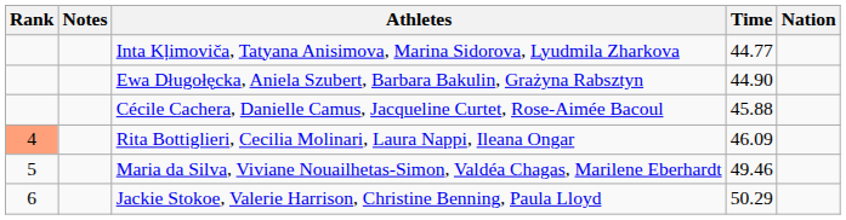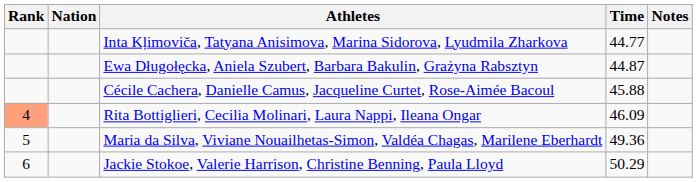 <table class="wikitable sortable" style="text-align:center">
 <tr>
 <th>Rank</th>
-<th>Notes</th>
+<th>Nation</th>
 <th>Athletes</th>
 <th>Time</th>
-<th>Nation</th>
+<th>Notes</th>
 </tr>
 <tr>
 <td></td>
-<td></td>
+<td align=left></td>
 <td align=left><a href='#'>Inta Kļimoviča</a>, <a href='#'>Tatyana Anisimova</a>, <a href='#'>Marina Sidorova</a>, <a href='#'>Lyudmila Zharkova</a></td>
 <td>44.77</td>
-<td align=left></td>
+<td></td>
 </tr>
 <tr>
 <td></td>
+<td align=left></td>
+<td align=left><a href='#'>Ewa Długołęcka</a>, <a href='#'>Aniela Szubert</a>, <a href='#'>Barbara Bakulin</a>, <a href='#'>Grażyna Rabsztyn</a></td>
+<td>44.87</td>
 <td></td>
-<td align=left><a href='#'>Ewa Długołęcka</a>, <a href='#'>Aniela Szubert</a>, <a href='#'>Barbara Bakulin</a>, <a href='#'>Grażyna Rabsztyn</a></td>
-<td>44.90</td>
-<td align=left></td>
 </tr>
 <tr>
 <td></td>
-<td></td>
+<td align=left></td>
 <td align=left><a href='#'>Cécile Cachera</a>, <a href='#'>Danielle Camus</a>, <a href='#'>Jacqueline Curtet</a>, <a href='#'>Rose-Aimée Bacoul</a></td>
 <td>45.88</td>
-<td align=left></td>
+<td></td>
 </tr>
 <tr>
 <td style="background: lightsalmon;">4</td>
-<td></td>
+<td align=left></td>
 <td align=left><a href='#'>Rita Bottiglieri</a>, <a href='#'>Cecilia Molinari</a>, <a href='#'>Laura Nappi</a>, <a href='#'>Ileana Ongar</a></td>
 <td>46.09</td>
-<td align=left></td>
+<td></td>
 </tr>
 <tr>
 <td>5</td>
+<td align=left></td>
+<td align=left><a href='#'>Maria da Silva</a>, <a href='#'>Viviane Nouailhetas-Simon</a>, <a href='#'>Valdéa Chagas</a>, <a href='#'>Marilene Eberhardt</a></td>
+<td>49.36</td>
 <td></td>
-<td align=left><a href='#'>Maria da Silva</a>, <a href='#'>Viviane Nouailhetas-Simon</a>, <a href='#'>Valdéa Chagas</a>, <a href='#'>Marilene Eberhardt</a></td>
-<td>49.46</td>
-<td align=left></td>
 </tr>
 <tr>
 <td>6</td>
-<td></td>
+<td align=left></td>
 <td align=left><a href='#'>Jackie Stokoe</a>, <a href='#'>Valerie Harrison</a>, <a href='#'>Christine Benning</a>, <a href='#'>Paula Lloyd</a></td>
 <td>50.29</td>
-<td align=left></td>
+<td></td>
 </tr>
 </table>
